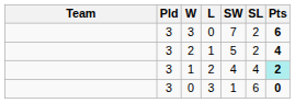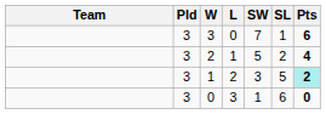 <table class=wikitable style="text-align:center">
 <tr>
 <th width=200>Team</th>
 <th width=20>Pld</th>
 <th width=20>W</th>
 <th width=20>L</th>
 <th width=20>SW</th>
 <th width=20>SL</th>
 <th width=20>Pts</th>
 </tr>
 <tr>
 <td align=left></td>
 <td>3</td>
 <td>3</td>
 <td>0</td>
 <td>7</td>
-<td>2</td>
+<td>1</td>
 <td><strong>6</strong></td>
 </tr>
 <tr>
 <td align=left></td>
 <td>3</td>
 <td>2</td>
 <td>1</td>
 <td>5</td>
 <td>2</td>
 <td><strong>4</strong></td>
 </tr>
 <tr>
 <td align=left></td>
 <td>3</td>
 <td>1</td>
 <td>2</td>
-<td>4</td>
-<td>4</td>
+<td>3</td>
+<td>5</td>
 <td style="background: paleturquoise;"><strong>2</strong></td>
 </tr>
 <tr>
 <td align=left></td>
 <td>3</td>
 <td>0</td>
 <td>3</td>
 <td>1</td>
 <td>6</td>
 <td><strong>0</strong></td>
 </tr>
 </table>
